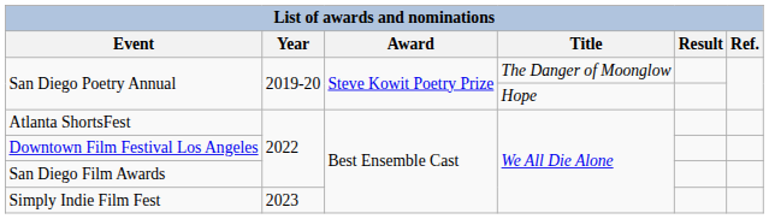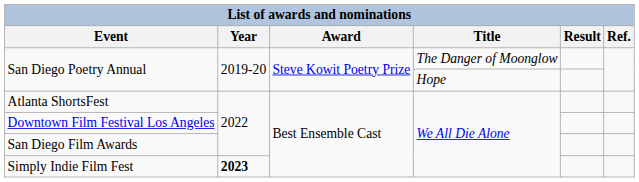 <table class="wikitable">
 <tr>
 <th colspan="6" style="background:#B0C4DE;">List of awards and nominations</th>
 </tr>
 <tr>
 <th>Event</th>
 <th>Year</th>
 <th>Award</th>
 <th>Title</th>
 <th>Result</th>
 <th>Ref.</th>
 </tr>
 <tr>
 <td rowspan="2">San Diego Poetry Annual</td>
 <td rowspan="2">2019-20</td>
 <td rowspan="2"><a href='#'>Steve Kowit Poetry Prize</a></td>
 <td><em>The Danger of Moonglow</em></td>
 <td></td>
 <td rowspan="2"></td>
 </tr>
 <tr>
 <td><em>Hope</em></td>
 <td></td>
 </tr>
 <tr>
 <td>Atlanta ShortsFest</td>
 <td rowspan="3">2022</td>
 <td rowspan="4">Best Ensemble Cast</td>
 <td rowspan="4"><em><a href='#'>We All Die Alone</a></em></td>
 <td></td>
 <td></td>
 </tr>
 <tr>
 <td><a href='#'>Downtown Film Festival Los Angeles</a></td>
 <td></td>
 <td></td>
 </tr>
 <tr>
 <td>San Diego Film Awards</td>
 <td></td>
 <td></td>
 </tr>
 <tr>
 <td>Simply Indie Film Fest</td>
-<td>2023</td>
+<td><strong>2023</strong></td>
 <td></td>
 <td></td>
 </tr>
 </table>
